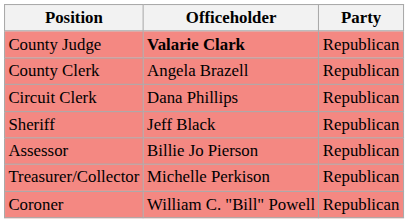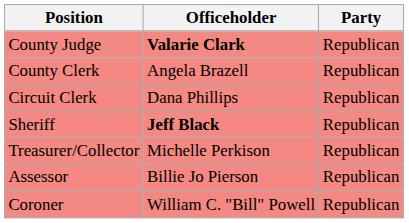 <table class="wikitable">
 <tr>
 <th>Position</th>
 <th>Officeholder</th>
 <th>Party</th>
 </tr>
 <tr style="background-color:#F48882;">
 <td>County Judge</td>
 <td><strong>Valarie Clark</strong></td>
 <td>Republican</td>
 </tr>
 <tr style="background-color:#F48882;">
 <td>County Clerk</td>
 <td>Angela Brazell</td>
 <td>Republican</td>
 </tr>
 <tr style="background-color:#F48882;">
 <td>Circuit Clerk</td>
 <td>Dana Phillips</td>
 <td>Republican</td>
 </tr>
 <tr style="background-color:#F48882;">
 <td>Sheriff</td>
-<td>Jeff Black</td>
+<td><strong>Jeff Black</strong></td>
+<td>Republican</td>
+</tr>
+<tr style="background-color:#F48882;">
+<td>Treasurer/Collector</td>
+<td>Michelle Perkison</td>
 <td>Republican</td>
 </tr>
 <tr style="background-color:#F48882;">
 <td>Assessor</td>
 <td>Billie Jo Pierson</td>
 <td>Republican</td>
 </tr>
 <tr style="background-color:#F48882;">
-<td>Treasurer/Collector</td>
-<td>Michelle Perkison</td>
-<td>Republican</td>
-</tr>
-<tr style="background-color:#F48882;">
 <td>Coroner</td>
 <td>William C. "Bill" Powell</td>
 <td>Republican</td>
 </tr>
 </table>
